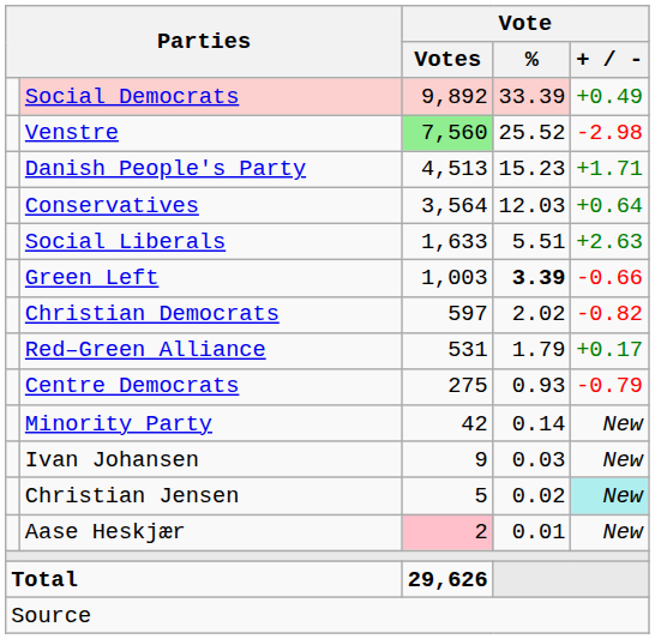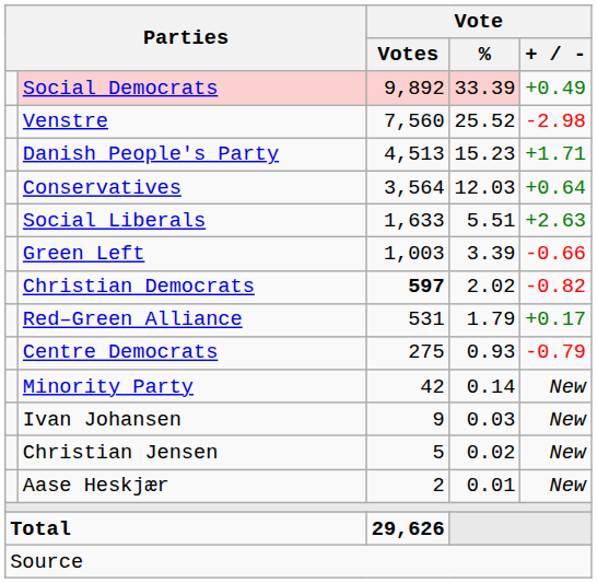 <table class="wikitable" style="text-align:right;">
 <tr>
 <th style="text-align:centre;" rowspan="2" colspan="2" width="225">Parties</th>
 <th colspan="3">Vote</th>
 </tr>
 <tr>
 <th width="15">Votes</th>
 <th width="15">%</th>
 <th width="15">+ / -</th>
 </tr>
 <tr>
 <td width="2" style="color:inherit;background:"></td>
 <td bgcolor=#fbd0ce  align="left"><a href='#'>Social Democrats</a></td>
 <td bgcolor=#fbd0ce>9,892</td>
 <td bgcolor=#fbd0ce>33.39</td>
 <td style=color:green;>+0.49</td>
 </tr>
 <tr>
 <td width="2" style="color:inherit;background:"></td>
 <td align="left"><a href='#'>Venstre</a></td>
-<td style="background: lightgreen;">7,560</td>
+<td>7,560</td>
 <td>25.52</td>
 <td style=color:red;>-2.98</td>
 </tr>
 <tr>
 <td width="2" style="color:inherit;background:"></td>
 <td align="left"><a href='#'>Danish People's Party</a></td>
 <td>4,513</td>
 <td>15.23</td>
 <td style=color:green;>+1.71</td>
 </tr>
 <tr>
 <td width="2" style="color:inherit;background:"></td>
 <td align="left"><a href='#'>Conservatives</a></td>
 <td>3,564</td>
 <td>12.03</td>
 <td style=color:green;>+0.64</td>
 </tr>
 <tr>
 <td width="2" style="color:inherit;background:"></td>
 <td align="left"><a href='#'>Social Liberals</a></td>
 <td>1,633</td>
 <td>5.51</td>
 <td style=color:green;>+2.63</td>
 </tr>
 <tr>
 <td width="2" style="color:inherit;background:"></td>
 <td align="left"><a href='#'>Green Left</a></td>
 <td>1,003</td>
-<td><strong>3.39</strong></td>
+<td>3.39</td>
 <td style=color:red;>-0.66</td>
 </tr>
 <tr>
 <td width="2" style="color:inherit;background:"></td>
 <td align="left"><a href='#'>Christian Democrats</a></td>
-<td>597</td>
+<td><strong>597</strong></td>
 <td>2.02</td>
 <td style=color:red;>-0.82</td>
 </tr>
 <tr>
 <td width="2" style="color:inherit;background:"></td>
 <td align="left"><a href='#'>Red–Green Alliance</a></td>
 <td>531</td>
 <td>1.79</td>
 <td style=color:green;>+0.17</td>
 </tr>
 <tr>
 <td width="2" style="color:inherit;background:"></td>
 <td align="left"><a href='#'>Centre Democrats</a></td>
 <td>275</td>
 <td>0.93</td>
 <td style=color:red;>-0.79</td>
 </tr>
 <tr>
 <td width="2" style="color:inherit;background:"></td>
 <td align="left"><a href='#'>Minority Party</a></td>
 <td>42</td>
 <td>0.14</td>
 <td><em>New</em></td>
 </tr>
 <tr>
 <td width="2" style="color:inherit;background:"></td>
 <td align="left">Ivan Johansen</td>
 <td>9</td>
 <td>0.03</td>
 <td><em>New</em></td>
 </tr>
 <tr>
 <td width="2" style="color:inherit;background:"></td>
 <td align="left">Christian Jensen</td>
 <td>5</td>
 <td>0.02</td>
-<td style="background: paleturquoise;"><em>New</em></td>
+<td><em>New</em></td>
 </tr>
 <tr>
 <td width="2" style="color:inherit;background:"></td>
 <td align="left">Aase Heskjær</td>
-<td style="background: pink;">2</td>
+<td>2</td>
 <td>0.01</td>
 <td><em>New</em></td>
 </tr>
 <tr>
 <td colspan="7" bgcolor="#E9E9E9"></td>
 </tr>
 <tr>
 <td align="left" colspan="2"><strong>Total</strong></td>
 <td><strong>29,626</strong></td>
 <td bgcolor="#E9E9E9" colspan="2"></td>
 </tr>
 <tr>
 <td align="left" colspan="6">Source</td>
 </tr>
 </table>
